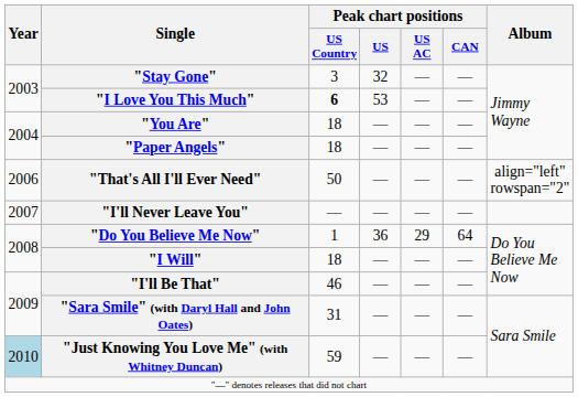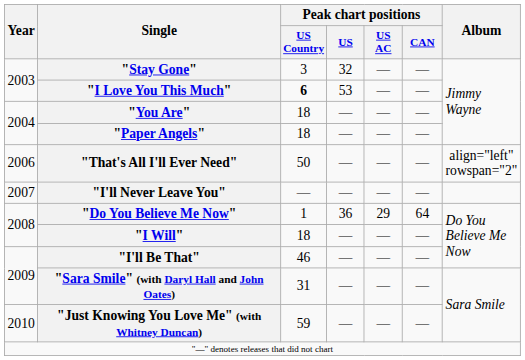 <table class="wikitable plainrowheaders" style="text-align:center;">
 <tr>
 <th rowspan="2">Year</th>
 <th rowspan="2" style="width:22em;">Single</th>
 <th colspan="4">Peak chart positions</th>
 <th rowspan="2">Album</th>
 </tr>
 <tr style="font-size:smaller;">
 <th style="width:45px;"><a href='#'>US Country</a><br></th>
 <th style="width:45px;"><a href='#'>US</a><br></th>
 <th style="width:45px;"><a href='#'>US AC</a><br></th>
 <th style="width:45px;"><a href='#'>CAN</a><br></th>
 </tr>
 <tr>
 <td rowspan="2">2003</td>
 <th scope="row">"<a href='#'>Stay Gone</a>"</th>
 <td>3</td>
 <td>32</td>
 <td>—</td>
 <td>—</td>
 <td style="text-align:left;" rowspan="4"><em>Jimmy Wayne</em></td>
 </tr>
 <tr>
 <th scope="row">"<a href='#'>I Love You This Much</a>"</th>
 <td><strong>6</strong></td>
 <td>53</td>
 <td>—</td>
 <td>—</td>
 </tr>
 <tr>
 <td rowspan="2">2004</td>
 <th scope="row">"<a href='#'>You Are</a>"</th>
 <td>18</td>
 <td>—</td>
 <td>—</td>
 <td>—</td>
 </tr>
 <tr>
 <th scope="row">"<a href='#'>Paper Angels</a>"</th>
 <td>18</td>
 <td>—</td>
 <td>—</td>
 <td>—</td>
 </tr>
 <tr>
 <td>2006</td>
 <th scope="row">"That's All I'll Ever Need"</th>
 <td>50</td>
 <td>—</td>
 <td>—</td>
 <td>—</td>
 <td>align="left" rowspan="2" </td>
 </tr>
 <tr>
 <td>2007</td>
 <th scope="row">"I'll Never Leave You"</th>
 <td>—</td>
 <td>—</td>
 <td>—</td>
 <td>—</td>
 </tr>
 <tr>
 <td rowspan="2">2008</td>
 <th scope="row">"<a href='#'>Do You Believe Me Now</a>"</th>
 <td>1</td>
 <td>36</td>
 <td>29</td>
 <td>64</td>
 <td style="text-align:left;" rowspan="3"><em>Do You Believe Me Now</em></td>
 </tr>
 <tr>
 <th scope="row">"<a href='#'>I Will</a>"</th>
 <td>18</td>
 <td>—</td>
 <td>—</td>
 <td>—</td>
 </tr>
 <tr>
 <td rowspan="2">2009</td>
 <th scope="row">"I'll Be That"</th>
 <td>46</td>
 <td>—</td>
 <td>—</td>
 <td>—</td>
 </tr>
 <tr>
 <th scope="row">"<a href='#'>Sara Smile</a>" <small>(with <a href='#'>Daryl Hall</a> and <a href='#'>John Oates</a>)</small></th>
 <td>31</td>
 <td>—</td>
 <td>—</td>
 <td>—</td>
 <td style="text-align:left;" rowspan="2"><em>Sara Smile</em></td>
 </tr>
 <tr>
-<td style="background: lightblue;">2010</td>
+<td>2010</td>
 <th scope="row">"Just Knowing You Love Me" <small>(with <a href='#'>Whitney Duncan</a>)</small></th>
 <td>59</td>
 <td>—</td>
 <td>—</td>
 <td>—</td>
 </tr>
 <tr>
 <td colspan="7" style="font-size:8pt">"—" denotes releases that did not chart</td>
 </tr>
 </table>
